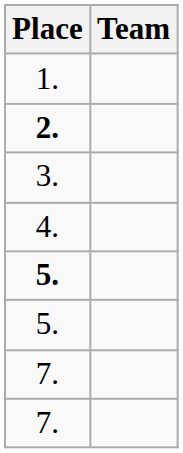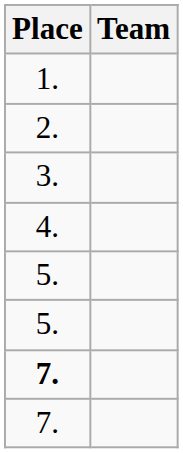 <table class="wikitable">
 <tr>
 <th>Place</th>
 <th>Team</th>
 </tr>
 <tr>
 <td align="center">1.</td>
 <td></td>
 </tr>
 <tr>
-<td align="center"><strong>2.</strong></td>
+<td align="center">2.</td>
 <td></td>
 </tr>
 <tr>
 <td align="center">3.</td>
 <td></td>
 </tr>
 <tr>
 <td align="center">4.</td>
 <td></td>
 </tr>
 <tr>
-<td align="center"><strong>5.</strong></td>
+<td align="center">5.</td>
 <td></td>
 </tr>
 <tr>
 <td align="center">5.</td>
 <td></td>
 </tr>
 <tr>
-<td align="center">7.</td>
+<td align="center"><strong>7.</strong></td>
 <td></td>
 </tr>
 <tr>
 <td align="center">7.</td>
 <td></td>
 </tr>
 </table>
